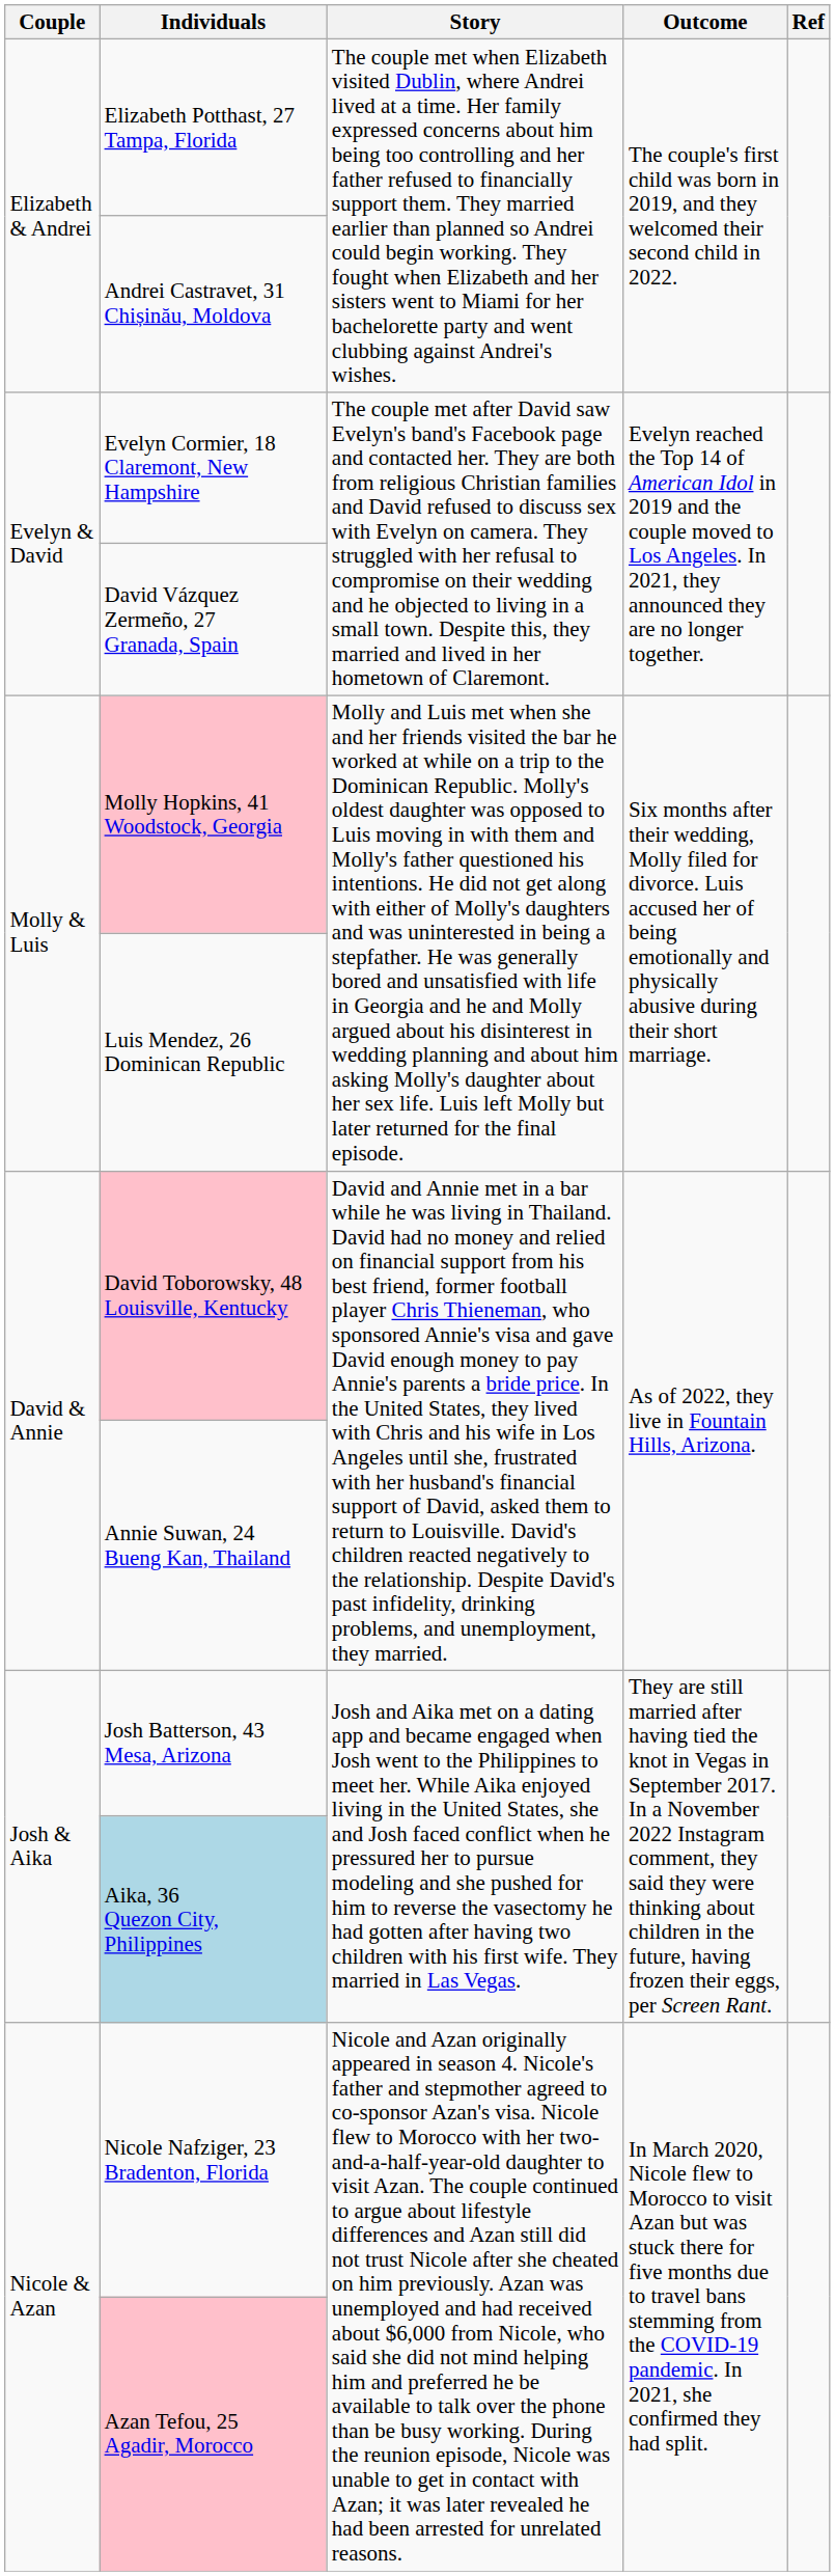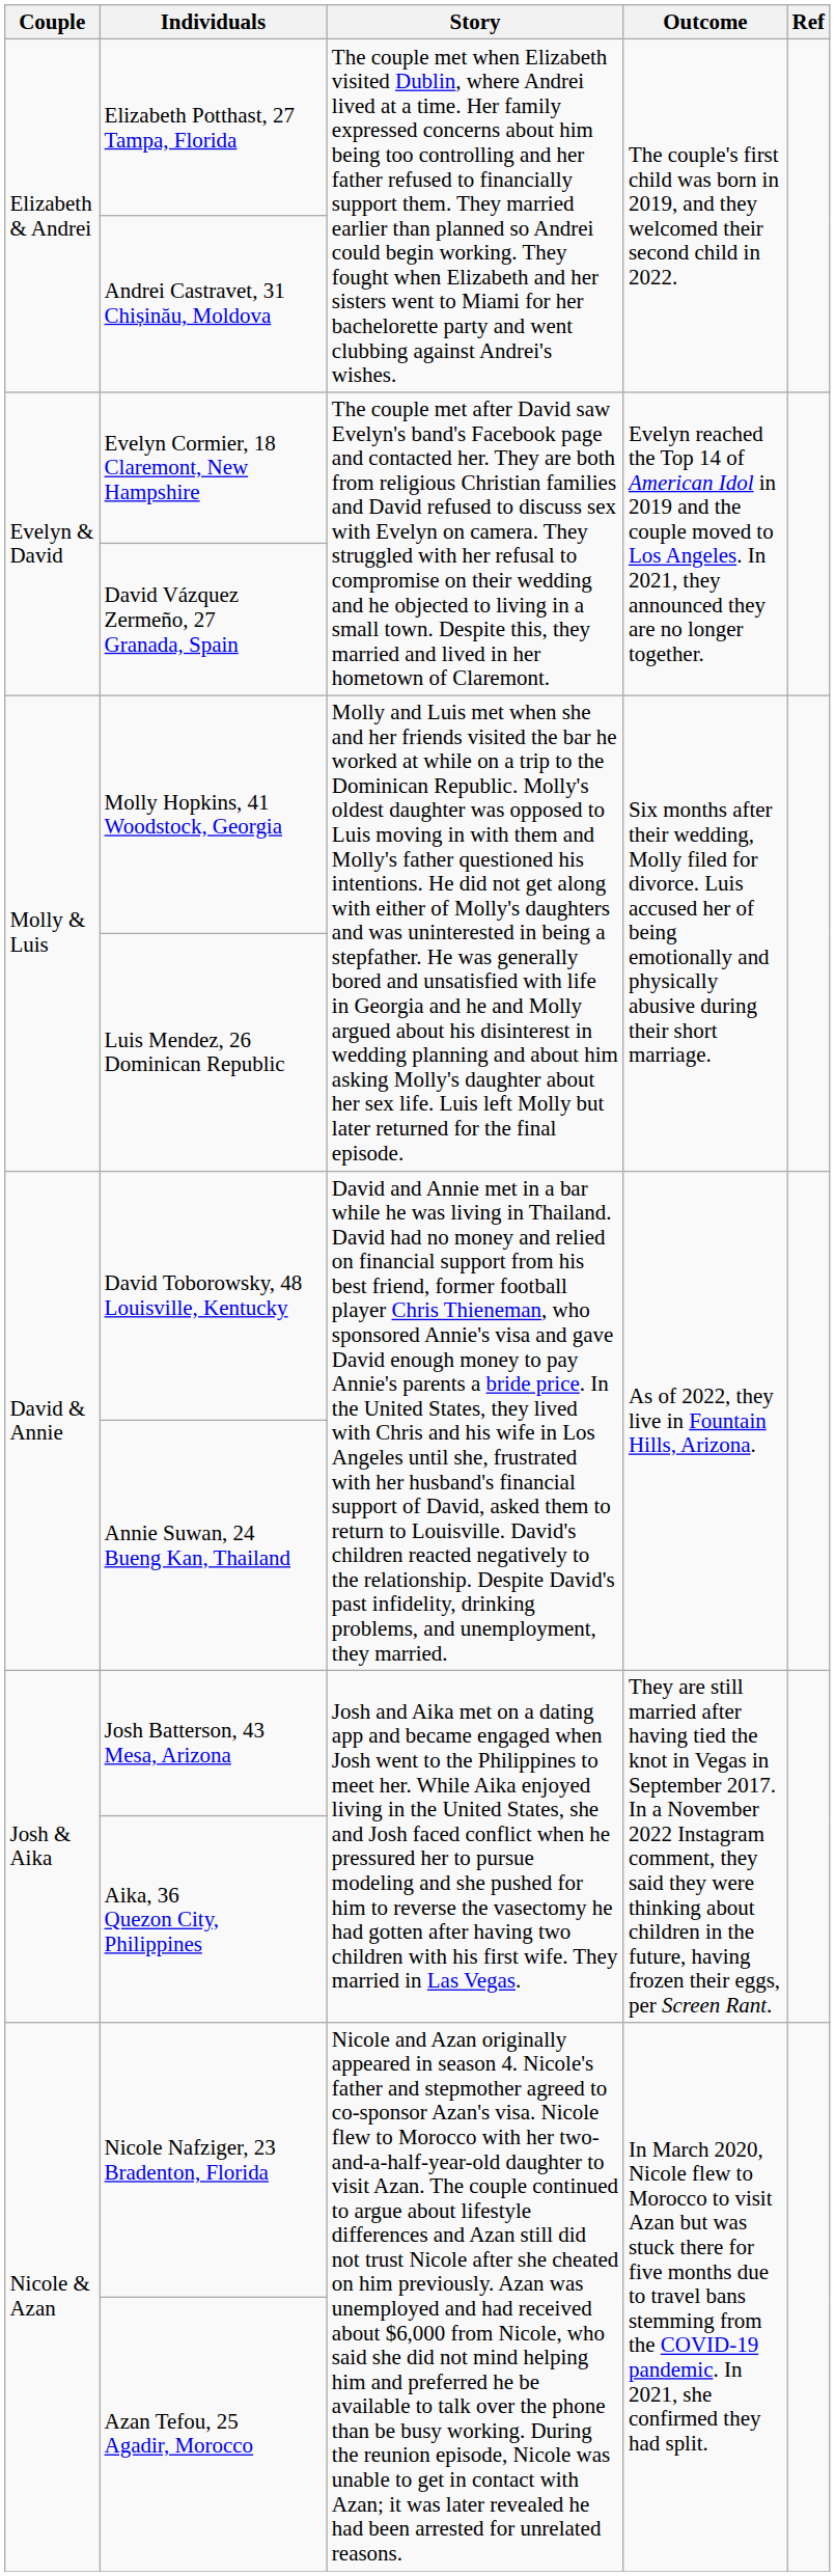 <table class="wikitable sortable">
 <tr>
 <th>Couple</th>
 <th style=width:10em>Individuals</th>
 <th>Story</th>
 <th>Outcome</th>
 <th style=width:1em>Ref</th>
 </tr>
 <tr>
 <td rowspan="2">Elizabeth & Andrei</td>
 <td>Elizabeth Potthast, 27<br><a href='#'>Tampa, Florida</a></td>
 <td rowspan="2">The couple met when Elizabeth visited <a href='#'>Dublin</a>, where Andrei lived at a time. Her family expressed concerns about him being too controlling and her father refused to financially support them. They married earlier than planned so Andrei could begin working. They fought when Elizabeth and her sisters went to Miami for her bachelorette party and went clubbing against Andrei's wishes.</td>
 <td rowspan="2">The couple's first child was born in 2019, and they welcomed their second child in 2022.</td>
 <td rowspan="2"></td>
 </tr>
 <tr>
 <td>Andrei Castravet, 31<br><a href='#'>Chișinău, Moldova</a></td>
 </tr>
 <tr>
 <td rowspan="2">Evelyn & David</td>
 <td>Evelyn Cormier, 18<br><a href='#'>Claremont, New Hampshire</a></td>
 <td rowspan="2">The couple met after David saw Evelyn's band's Facebook page and contacted her. They are both from religious Christian families and David refused to discuss sex with Evelyn on camera. They struggled with her refusal to compromise on their wedding and he objected to living in a small town. Despite this, they married and lived in her hometown of Claremont.</td>
 <td rowspan="2">Evelyn reached the Top 14 of <em><a href='#'>American Idol</a></em> in 2019 and the couple moved to <a href='#'>Los Angeles</a>. In 2021, they announced they are no longer together.</td>
 <td rowspan="2"></td>
 </tr>
 <tr>
 <td>David Vázquez Zermeño, 27<br><a href='#'>Granada, Spain</a></td>
 </tr>
 <tr>
 <td rowspan="2">Molly & Luis</td>
-<td style="background: pink;">Molly Hopkins, 41<br><a href='#'>Woodstock, Georgia</a></td>
+<td>Molly Hopkins, 41<br><a href='#'>Woodstock, Georgia</a></td>
 <td rowspan="2">Molly and Luis met when she and her friends visited the bar he worked at while on a trip to the Dominican Republic. Molly's oldest daughter was opposed to Luis moving in with them and Molly's father questioned his intentions. He did not get along with either of Molly's daughters and was uninterested in being a stepfather. He was generally bored and unsatisfied with life in Georgia and he and Molly argued about his disinterest in wedding planning and about him asking Molly's daughter about her sex life. Luis left Molly but later returned for the final episode.</td>
 <td rowspan="2">Six months after their wedding, Molly filed for divorce. Luis accused her of being emotionally and physically abusive during their short marriage.</td>
 <td rowspan="2"></td>
 </tr>
 <tr>
 <td>Luis Mendez, 26<br>Dominican Republic</td>
 </tr>
 <tr>
 <td rowspan="2">David & Annie</td>
-<td style="background: pink;">David Toborowsky, 48<br><a href='#'>Louisville, Kentucky</a></td>
+<td>David Toborowsky, 48<br><a href='#'>Louisville, Kentucky</a></td>
 <td rowspan="2">David and Annie met in a bar while he was living in Thailand. David had no money and relied on financial support from his best friend, former football player <a href='#'>Chris Thieneman</a>, who sponsored Annie's visa and gave David enough money to pay Annie's parents a <a href='#'>bride price</a>. In the United States, they lived with Chris and his wife in Los Angeles until she, frustrated with her husband's financial support of David, asked them to return to Louisville. David's children reacted negatively to the relationship. Despite David's past infidelity, drinking problems, and unemployment, they married.</td>
 <td rowspan="2">As of 2022, they live in <a href='#'>Fountain Hills, Arizona</a>.</td>
 <td rowspan="2"></td>
 </tr>
 <tr>
 <td>Annie Suwan, 24<br><a href='#'>Bueng Kan, Thailand</a></td>
 </tr>
 <tr>
 <td rowspan="2">Josh & Aika</td>
 <td>Josh Batterson, 43<br><a href='#'>Mesa, Arizona</a></td>
 <td rowspan="2">Josh and Aika met on a dating app and became engaged when Josh went to the Philippines to meet her. While Aika enjoyed living in the United States, she and Josh faced conflict when he pressured her to pursue modeling and she pushed for him to reverse the vasectomy he had gotten after having two children with his first wife. They married in <a href='#'>Las Vegas</a>.</td>
 <td rowspan="2">They are still married after having tied the knot in Vegas in September 2017. In a November 2022 Instagram comment, they said they were thinking about children in the future, having frozen their eggs, per <em>Screen Rant</em>.</td>
 <td rowspan="2"></td>
 </tr>
 <tr>
-<td style="background: lightblue;">Aika, 36<br><a href='#'>Quezon City, Philippines</a></td>
+<td>Aika, 36<br><a href='#'>Quezon City, Philippines</a></td>
 </tr>
 <tr>
 <td rowspan="2">Nicole & Azan</td>
 <td>Nicole Nafziger, 23<br><a href='#'>Bradenton, Florida</a></td>
 <td rowspan="2">Nicole and Azan originally appeared in season 4. Nicole's father and stepmother agreed to co-sponsor Azan's visa. Nicole flew to Morocco with her two-and-a-half-year-old daughter to visit Azan. The couple continued to argue about lifestyle differences and Azan still did not trust Nicole after she cheated on him previously. Azan was unemployed and had received about $6,000 from Nicole, who said she did not mind helping him and preferred he be available to talk over the phone than be busy working. During the reunion episode, Nicole was unable to get in contact with Azan; it was later revealed he had been arrested for unrelated reasons.</td>
 <td rowspan="2">In March 2020, Nicole flew to Morocco to visit Azan but was stuck there for five months due to travel bans stemming from the <a href='#'>COVID-19 pandemic</a>. In 2021, she confirmed they had split.</td>
 <td rowspan="2"></td>
 </tr>
 <tr>
-<td style="background: pink;">Azan Tefou, 25<br><a href='#'>Agadir, Morocco</a></td>
+<td>Azan Tefou, 25<br><a href='#'>Agadir, Morocco</a></td>
 </tr>
 </table>
